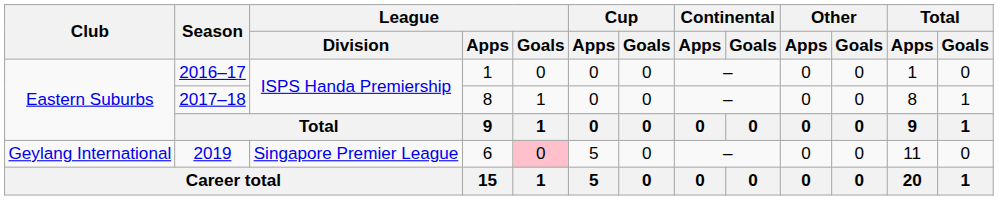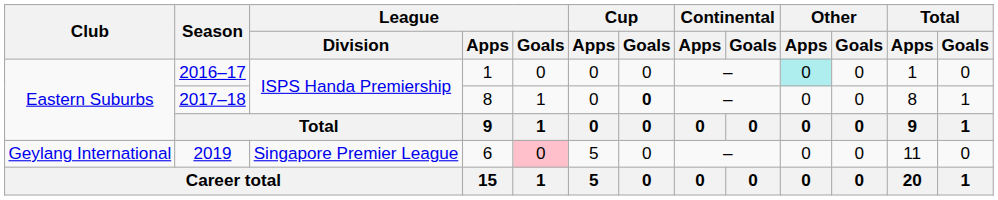 <table class="wikitable" style="text-align: center">
 <tr>
 <th rowspan="2">Club</th>
 <th rowspan="2">Season</th>
 <th colspan="3">League</th>
 <th colspan="2">Cup</th>
 <th colspan="2">Continental</th>
 <th colspan="2">Other</th>
 <th colspan="2">Total</th>
 </tr>
 <tr>
 <th>Division</th>
 <th>Apps</th>
 <th>Goals</th>
 <th>Apps</th>
 <th>Goals</th>
 <th>Apps</th>
 <th>Goals</th>
 <th>Apps</th>
 <th>Goals</th>
 <th>Apps</th>
 <th>Goals</th>
 </tr>
 <tr>
 <td rowspan="3"><a href='#'>Eastern Suburbs</a></td>
 <td><a href='#'>2016–17</a></td>
 <td rowspan="2"><a href='#'>ISPS Handa Premiership</a></td>
 <td>1</td>
 <td>0</td>
 <td>0</td>
 <td>0</td>
 <td colspan="2">–</td>
-<td>0</td>
+<td style="background: paleturquoise;">0</td>
 <td>0</td>
 <td>1</td>
 <td>0</td>
 </tr>
 <tr>
 <td><a href='#'>2017–18</a></td>
 <td>8</td>
 <td>1</td>
 <td>0</td>
-<td>0</td>
+<td><strong>0</strong></td>
 <td colspan="2">–</td>
 <td>0</td>
 <td>0</td>
 <td>8</td>
 <td>1</td>
 </tr>
 <tr>
 <th colspan=2>Total</th>
 <th>9</th>
 <th>1</th>
 <th>0</th>
 <th>0</th>
 <th>0</th>
 <th>0</th>
 <th>0</th>
 <th>0</th>
 <th>9</th>
 <th>1</th>
 </tr>
 <tr>
 <td><a href='#'>Geylang International</a></td>
 <td><a href='#'>2019</a></td>
 <td><a href='#'>Singapore Premier League</a></td>
 <td>6</td>
 <td style="background: pink;">0</td>
 <td>5</td>
 <td>0</td>
 <td colspan="2">–</td>
 <td>0</td>
 <td>0</td>
 <td>11</td>
 <td>0</td>
 </tr>
 <tr>
 <th colspan=3>Career total</th>
 <th>15</th>
 <th>1</th>
 <th>5</th>
 <th>0</th>
 <th>0</th>
 <th>0</th>
 <th>0</th>
 <th>0</th>
 <th>20</th>
 <th>1</th>
 </tr>
 </table>
